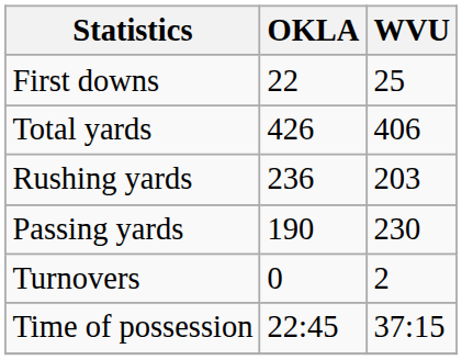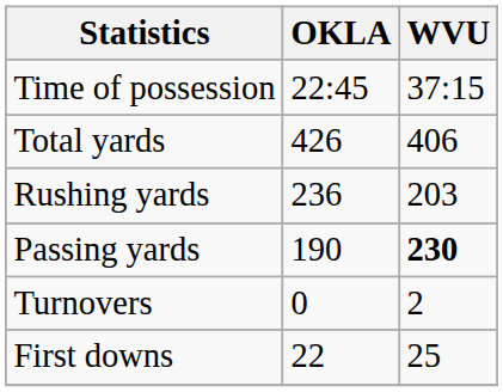 <table class="wikitable" style="float: left;">
 <tr>
 <th>Statistics</th>
 <th>OKLA</th>
 <th>WVU</th>
 </tr>
 <tr>
-<td>First downs</td>
-<td>22</td>
-<td>25</td>
+<td>Time of possession</td>
+<td>22:45</td>
+<td>37:15</td>
 </tr>
 <tr>
 <td>Total yards</td>
 <td>426</td>
 <td>406</td>
 </tr>
 <tr>
 <td>Rushing yards</td>
 <td>236</td>
 <td>203</td>
 </tr>
 <tr>
 <td>Passing yards</td>
 <td>190</td>
-<td>230</td>
+<td><strong>230</strong></td>
 </tr>
 <tr>
 <td>Turnovers</td>
 <td>0</td>
 <td>2</td>
 </tr>
 <tr>
-<td>Time of possession</td>
-<td>22:45</td>
-<td>37:15</td>
+<td>First downs</td>
+<td>22</td>
+<td>25</td>
 </tr>
 <tr>
 </tr>
 </table>
